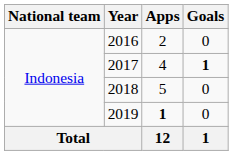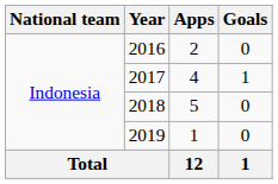 <table class="wikitable" style="text-align:center">
 <tr>
 <th>National team</th>
 <th>Year</th>
 <th>Apps</th>
 <th>Goals</th>
 </tr>
 <tr>
 <td rowspan=4><a href='#'>Indonesia</a></td>
 <td>2016</td>
 <td>2</td>
 <td>0</td>
 </tr>
 <tr>
 <td>2017</td>
 <td>4</td>
-<td><strong>1</strong></td>
+<td>1</td>
 </tr>
 <tr>
 <td>2018</td>
 <td>5</td>
 <td>0</td>
 </tr>
 <tr>
 <td>2019</td>
-<td><strong>1</strong></td>
+<td>1</td>
 <td>0</td>
 </tr>
 <tr>
 <th colspan=2>Total</th>
 <th>12</th>
 <th>1</th>
 </tr>
 </table>
